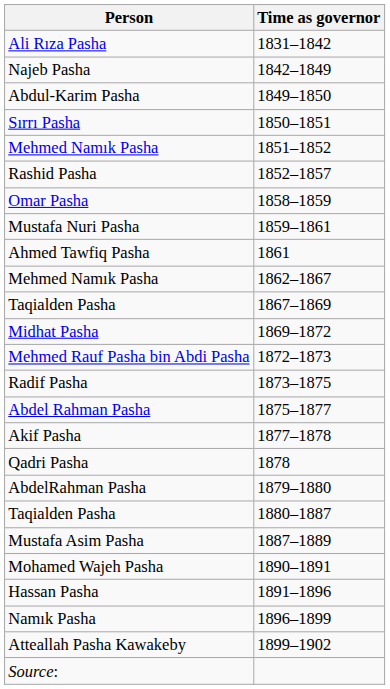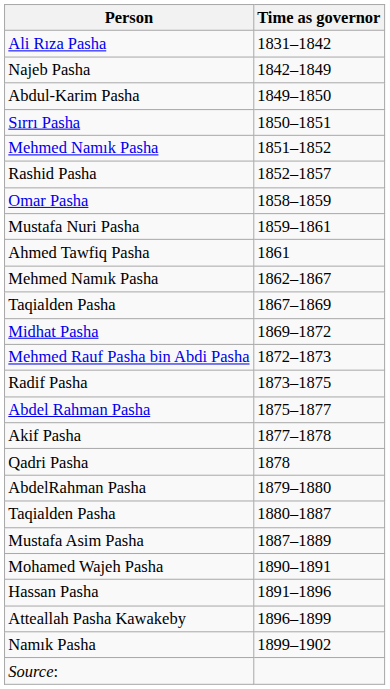 <table class="wikitable">
 <tr>
 <th>Person</th>
 <th>Time as governor</th>
 </tr>
 <tr>
 <td><a href='#'>Ali Rıza Pasha</a></td>
 <td>1831–1842</td>
 </tr>
 <tr>
 <td>Najeb Pasha</td>
 <td>1842–1849</td>
 </tr>
 <tr>
 <td>Abdul-Karim Pasha</td>
 <td>1849–1850</td>
 </tr>
 <tr>
 <td><a href='#'>Sırrı Pasha</a></td>
 <td>1850–1851</td>
 </tr>
 <tr>
 <td><a href='#'>Mehmed Namık Pasha</a></td>
 <td>1851–1852</td>
 </tr>
 <tr>
 <td>Rashid Pasha</td>
 <td>1852–1857</td>
 </tr>
 <tr>
 <td><a href='#'>Omar Pasha</a></td>
 <td>1858–1859</td>
 </tr>
 <tr>
 <td>Mustafa Nuri Pasha</td>
 <td>1859–1861</td>
 </tr>
 <tr>
 <td>Ahmed Tawfiq Pasha</td>
 <td>1861</td>
 </tr>
 <tr>
 <td>Mehmed Namık Pasha</td>
 <td>1862–1867</td>
 </tr>
 <tr>
 <td>Taqialden Pasha</td>
 <td>1867–1869</td>
 </tr>
 <tr>
 <td><a href='#'>Midhat Pasha</a></td>
 <td>1869–1872</td>
 </tr>
 <tr>
 <td><a href='#'>Mehmed Rauf Pasha bin Abdi Pasha</a></td>
 <td>1872–1873</td>
 </tr>
 <tr>
 <td>Radif Pasha</td>
 <td>1873–1875</td>
 </tr>
 <tr>
 <td><a href='#'>Abdel Rahman Pasha</a></td>
 <td>1875–1877</td>
 </tr>
 <tr>
 <td>Akif Pasha</td>
 <td>1877–1878</td>
 </tr>
 <tr>
 <td>Qadri Pasha</td>
 <td>1878</td>
 </tr>
 <tr>
 <td>AbdelRahman Pasha</td>
 <td>1879–1880</td>
 </tr>
 <tr>
 <td>Taqialden Pasha</td>
 <td>1880–1887</td>
 </tr>
 <tr>
 <td>Mustafa Asim Pasha</td>
 <td>1887–1889</td>
 </tr>
 <tr>
 <td>Mohamed Wajeh Pasha</td>
 <td>1890–1891</td>
 </tr>
 <tr>
 <td>Hassan Pasha</td>
 <td>1891–1896</td>
 </tr>
 <tr>
-<td>Namık Pasha</td>
+<td>Atteallah Pasha Kawakeby</td>
 <td>1896–1899</td>
 </tr>
 <tr>
-<td>Atteallah Pasha Kawakeby</td>
+<td>Namık Pasha</td>
 <td>1899–1902</td>
 </tr>
 <tr>
 <td><em>Source</em>:</td>
 </tr>
 </table>
